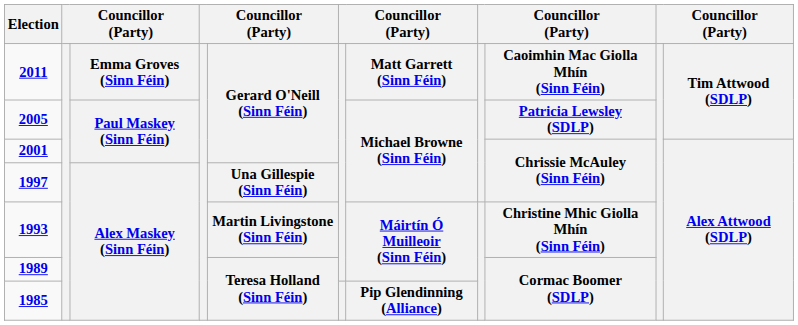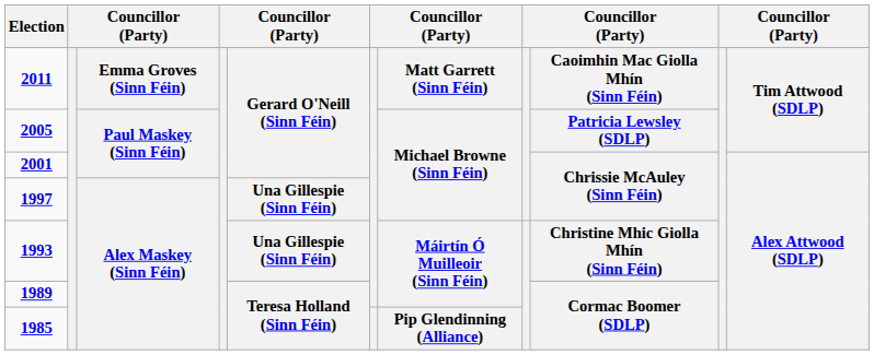 <table class="wikitable" style="text-align:center">
 <tr>
 <th scope="col" width="50">Election</th>
 <th scope="col" width="150" colspan = "2">Councillor<br> (Party)</th>
 <th scope="col" width="150" colspan = "2">Councillor<br> (Party)</th>
 <th scope="col" width="150" colspan = "2">Councillor<br> (Party)</th>
 <th scope="col" width="150" colspan = "2">Councillor<br> (Party)</th>
 <th scope="col" width="150" colspan = "2">Councillor<br> (Party)</th>
 </tr>
 <tr>
 <td><strong><a href='#'>2011</a></strong></td>
 <th rowspan="7" width="1" style="background-color: "></th>
 <th rowspan = "1">Emma Groves <br> (<a href='#'>Sinn Féin</a>)</th>
 <th rowspan="7" width="1" style="background-color: "></th>
 <th rowspan = "3">Gerard O'Neill <br> (<a href='#'>Sinn Féin</a>)</th>
 <th rowspan="6" width="1" style="background-color: "></th>
 <th rowspan = "1">Matt Garrett <br> (<a href='#'>Sinn Féin</a>)</th>
 <th rowspan="4" width="1" style="background-color: "></th>
 <th rowspan = "1">Caoimhin Mac Giolla Mhín <br> (<a href='#'>Sinn Féin</a>)</th>
 <th rowspan="7" width="1" style="background-color: "></th>
 <th rowspan = "2">Tim Attwood <br> (<a href='#'>SDLP</a>)</th>
 </tr>
 <tr>
 <td><strong><a href='#'>2005</a></strong></td>
 <th rowspan = "2"><a href='#'>Paul Maskey</a> <br> (<a href='#'>Sinn Féin</a>)</th>
 <th rowspan = "3">Michael Browne <br> (<a href='#'>Sinn Féin</a>)</th>
 <th rowspan = "1"><a href='#'>Patricia Lewsley</a> <br> (<a href='#'>SDLP</a>)</th>
 </tr>
 <tr>
 <td><strong><a href='#'>2001</a></strong></td>
 <th rowspan = "2">Chrissie McAuley <br> (<a href='#'>Sinn Féin</a>)</th>
 <th rowspan = "5"><a href='#'>Alex Attwood</a> <br> (<a href='#'>SDLP</a>)</th>
 </tr>
 <tr>
 <td><strong><a href='#'>1997</a></strong></td>
 <th rowspan = "4"><a href='#'>Alex Maskey</a> <br> (<a href='#'>Sinn Féin</a>)</th>
 <th rowspan = "1">Una Gillespie <br> (<a href='#'>Sinn Féin</a>)</th>
 </tr>
 <tr>
 <td><strong><a href='#'>1993</a></strong></td>
-<th rowspan = "1">Martin Livingstone <br> (<a href='#'>Sinn Féin</a>)</th>
+<th rowspan = "1">Una Gillespie <br> (<a href='#'>Sinn Féin</a>)</th>
 <th rowspan = "2"><a href='#'>Máirtín Ó Muilleoir</a> <br> (<a href='#'>Sinn Féin</a>)</th>
 <th rowspan="3" width="1" style="background-color: "></th>
 <th rowspan = "1">Christine Mhic Giolla Mhín <br> (<a href='#'>Sinn Féin</a>)</th>
 </tr>
 <tr>
 <td><strong><a href='#'>1989</a></strong></td>
 <th rowspan = "2">Teresa Holland <br> (<a href='#'>Sinn Féin</a>)</th>
 <th rowspan = "2">Cormac Boomer <br> (<a href='#'>SDLP</a>)</th>
 </tr>
 <tr>
 <td><strong><a href='#'>1985</a></strong></td>
 <th rowspan="1" width="1" style="background-color: "></th>
 <th rowspan = "1">Pip Glendinning <br> (<a href='#'>Alliance</a>)</th>
 </tr>
 </table>
